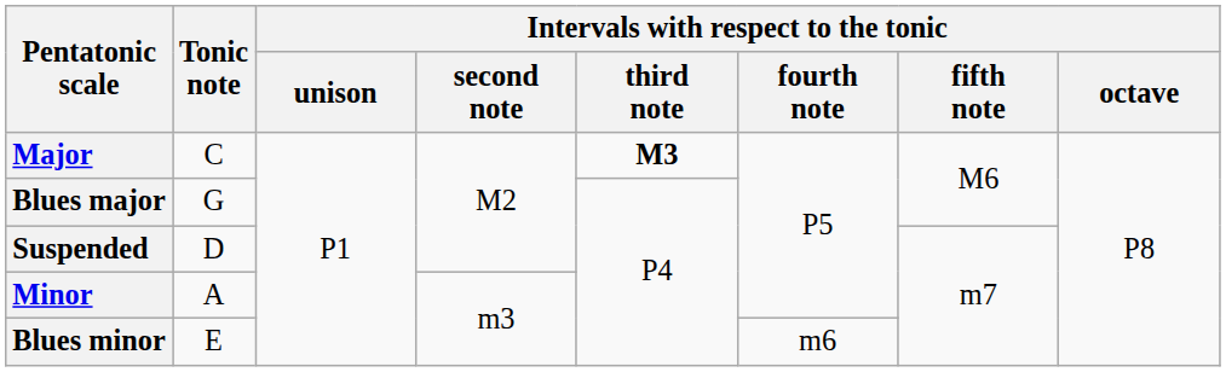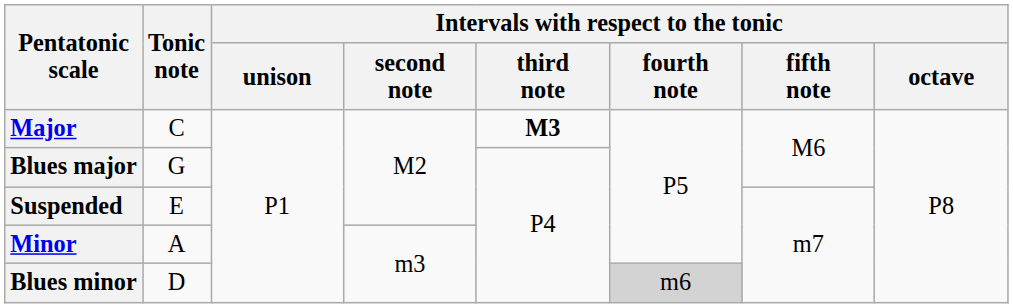 <table class="wikitable" style="text-align: center">
 <tr>
 <th rowspan="2">Pentatonic<br>scale</th>
 <th rowspan="2">Tonic<br>note</th>
 <th colspan="6">Intervals with respect to the tonic</th>
 </tr>
 <tr>
 <th style="width: 5em">unison</th>
 <th style="width: 5em">second<br>note</th>
 <th style="width: 5em">third<br>note</th>
 <th style="width: 5em">fourth<br>note</th>
 <th style="width: 5em">fifth<br>note</th>
 <th style="width: 5em">octave</th>
 </tr>
 <tr>
 <th style="text-align: left"><a href='#'>Major</a></th>
 <td>C</td>
 <td rowspan="5">P1</td>
 <td rowspan="3">M2</td>
 <td rowspan="1"><strong>M3</strong></td>
 <td rowspan="4">P5</td>
 <td rowspan="2">M6</td>
 <td rowspan="5">P8</td>
 </tr>
 <tr>
 <th style="text-align: left">Blues major</th>
 <td>G</td>
 <td rowspan="4">P4</td>
 </tr>
 <tr>
 <th style="text-align: left">Suspended</th>
-<td>D</td>
+<td>E</td>
 <td rowspan="3">m7</td>
 </tr>
 <tr>
 <th style="text-align: left"><a href='#'>Minor</a></th>
 <td>A</td>
 <td rowspan="2">m3</td>
 </tr>
 <tr>
 <th style="text-align: left">Blues minor</th>
-<td>E</td>
-<td rowspan="1">m6</td>
+<td>D</td>
+<td rowspan="1" style="background: lightgrey;">m6</td>
 </tr>
 </table>
